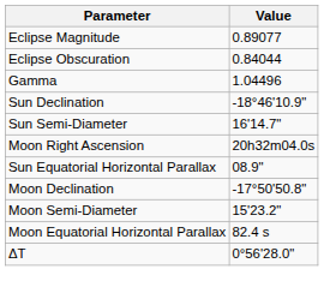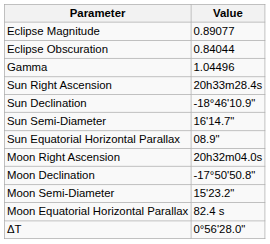 <table class="wikitable">
 <tr>
 <th>Parameter</th>
 <th>Value</th>
 </tr>
 <tr>
 <td>Eclipse Magnitude</td>
 <td>0.89077</td>
 </tr>
 <tr>
 <td>Eclipse Obscuration</td>
 <td>0.84044</td>
 </tr>
 <tr>
 <td>Gamma</td>
 <td>1.04496</td>
 </tr>
 <tr>
+<td>Sun Right Ascension</td>
+<td>20h33m28.4s</td>
+</tr>
+<tr>
 <td>Sun Declination</td>
 <td>-18°46'10.9"</td>
 </tr>
 <tr>
 <td>Sun Semi-Diameter</td>
 <td>16'14.7"</td>
 </tr>
 <tr>
+<td>Sun Equatorial Horizontal Parallax</td>
+<td>08.9"</td>
+</tr>
+<tr>
 <td>Moon Right Ascension</td>
 <td>20h32m04.0s</td>
-</tr>
-<tr>
-<td>Sun Equatorial Horizontal Parallax</td>
-<td>08.9"</td>
 </tr>
 <tr>
 <td>Moon Declination</td>
 <td>-17°50'50.8"</td>
 </tr>
 <tr>
 <td>Moon Semi-Diameter</td>
 <td>15'23.2"</td>
 </tr>
 <tr>
 <td>Moon Equatorial Horizontal Parallax</td>
 <td>82.4 s</td>
 </tr>
 <tr>
 <td>ΔT</td>
 <td>0°56'28.0"</td>
 </tr>
 </table>
